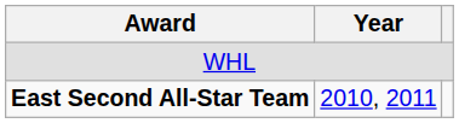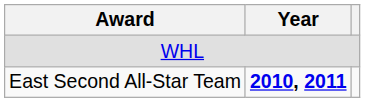 <table class="wikitable">
 <tr>
 <th>Award</th>
 <th>Year</th>
 <th></th>
 </tr>
 <tr ALIGN="center" bgcolor="#e0e0e0">
 <td colspan="3"><a href='#'>WHL</a></td>
 </tr>
 <tr>
-<td><strong>East Second All-Star Team</strong></td>
-<td><a href='#'>2010</a>, <a href='#'>2011</a></td>
+<td>East Second All-Star Team</td>
+<td><strong><a href='#'>2010</a>, <a href='#'>2011</a></strong></td>
 <td></td>
 </tr>
 </table>
